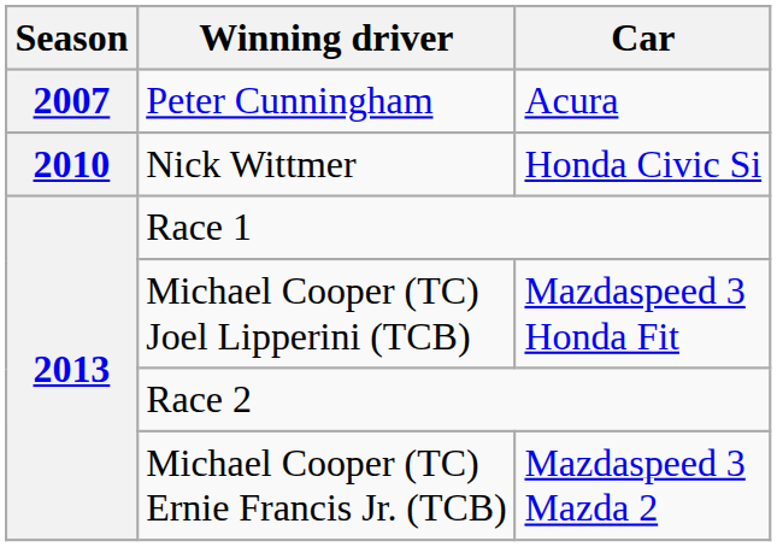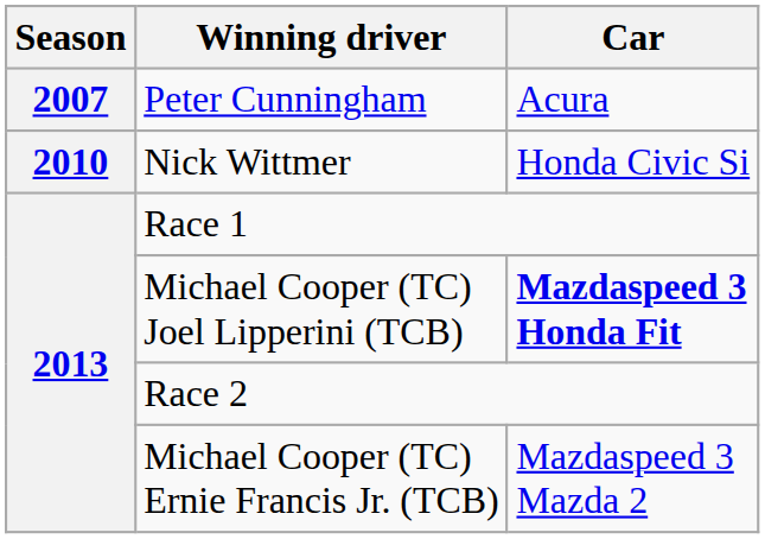 <table class="wikitable" style="font-size: 95%;">
 <tr>
 <th>Season</th>
 <th>Winning driver</th>
 <th>Car</th>
 </tr>
 <tr>
 <th><a href='#'>2007</a></th>
 <td> <a href='#'>Peter Cunningham</a></td>
 <td><a href='#'>Acura</a></td>
 </tr>
 <tr>
 <th><a href='#'>2010</a></th>
 <td> Nick Wittmer</td>
 <td><a href='#'>Honda Civic Si</a></td>
 </tr>
 <tr>
 <th rowspan=5><a href='#'>2013</a></th>
 <td colspan=2>Race 1</td>
 </tr>
 <tr>
 <td> Michael Cooper (TC)<br> Joel Lipperini (TCB)</td>
-<td><a href='#'>Mazdaspeed 3</a><br><a href='#'>Honda Fit</a></td>
+<td><strong><a href='#'>Mazdaspeed 3</a><br><a href='#'>Honda Fit</a></strong></td>
 </tr>
 <tr>
 <td colspan=2>Race 2</td>
 </tr>
 <tr>
 <td> Michael Cooper (TC)<br> Ernie Francis Jr. (TCB)</td>
 <td><a href='#'>Mazdaspeed 3</a><br><a href='#'>Mazda 2</a></td>
 </tr>
 </table>
